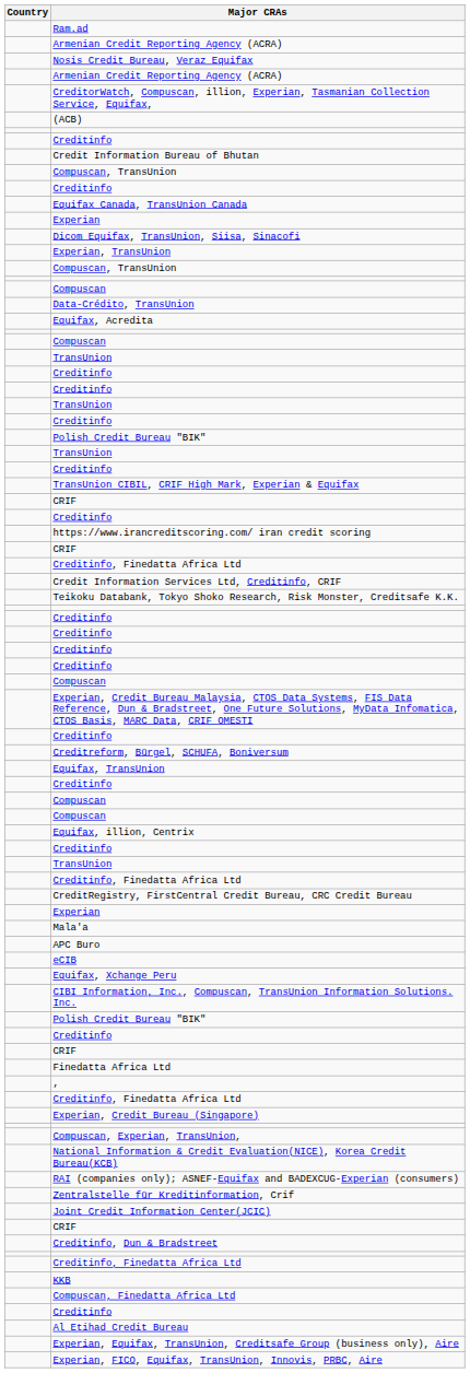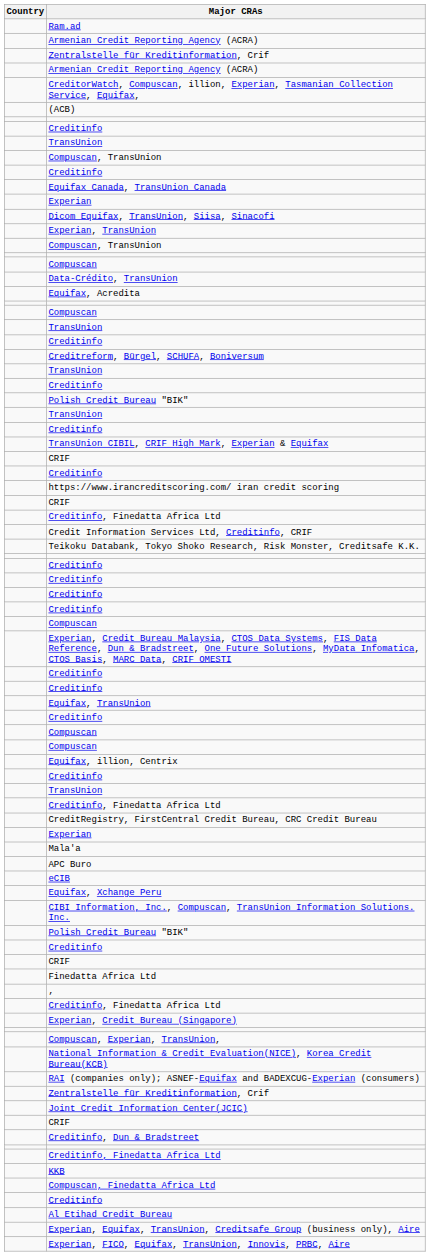 <table class="sortable wikitable">
 <tr>
 <th>Country</th>
 <th>Major CRAs</th>
 </tr>
 <tr Afghanistan>
 <td></td>
 <td><a href='#'>Ram.ad</a></td>
 </tr>
 <tr>
 <td></td>
 <td><a href='#'>Armenian Credit Reporting Agency</a> (ACRA)</td>
 </tr>
 <tr>
 <td></td>
-<td><a href='#'>Nosis Credit Bureau</a>, <a href='#'>Veraz Equifax</a></td>
+<td><a href='#'>Zentralstelle für Kreditinformation</a>, Crif</td>
 </tr>
 <tr>
 <td></td>
 <td><a href='#'>Armenian Credit Reporting Agency</a> (ACRA)</td>
 </tr>
 <tr>
 <td></td>
 <td><a href='#'>CreditorWatch</a>, <a href='#'>Compuscan</a>, illion, <a href='#'>Experian</a>, <a href='#'>Tasmanian Collection Service</a>, <a href='#'>Equifax</a>,</td>
 </tr>
 <tr>
 <td></td>
 <td> (ACB)</td>
 </tr>
 <tr>
 <td></td>
 <td></td>
 </tr>
 <tr>
 <td></td>
 <td><a href='#'>Creditinfo</a></td>
 </tr>
 <tr>
 <td></td>
-<td>Credit Information Bureau of Bhutan</td>
+<td><a href='#'>TransUnion</a></td>
 </tr>
 <tr>
 <td></td>
 <td><a href='#'>Compuscan</a>, TransUnion</td>
 </tr>
 <tr>
 <td></td>
 <td><a href='#'>Creditinfo</a></td>
 </tr>
 <tr>
 <td></td>
 <td><a href='#'>Equifax Canada</a>, <a href='#'>TransUnion Canada</a></td>
 </tr>
 <tr>
 <td></td>
 <td><a href='#'>Experian</a></td>
 </tr>
 <tr>
 <td></td>
 <td><a href='#'>Dicom Equifax</a>, <a href='#'>TransUnion</a>, <a href='#'>Siisa</a>, <a href='#'>Sinacofi</a></td>
 </tr>
 <tr>
 <td></td>
 <td><a href='#'>Experian</a>, <a href='#'>TransUnion</a></td>
 </tr>
 <tr>
 <td></td>
 <td><a href='#'>Compuscan</a>, TransUnion</td>
 </tr>
 <tr>
 <td></td>
 <td></td>
 </tr>
 <tr>
 <td></td>
 <td><a href='#'>Compuscan</a></td>
 </tr>
 <tr>
 <td></td>
 <td><a href='#'>Data-Crédito</a>, <a href='#'>TransUnion</a></td>
 </tr>
 <tr>
 <td></td>
 <td><a href='#'>Equifax</a>, Acredita</td>
 </tr>
 <tr>
 <td></td>
 <td></td>
 </tr>
 <tr>
 <td></td>
 <td><a href='#'>Compuscan</a></td>
 </tr>
 <tr>
 <td></td>
 <td><a href='#'>TransUnion</a></td>
 </tr>
 <tr>
 <td></td>
 <td><a href='#'>Creditinfo</a></td>
 </tr>
 <tr>
 <td></td>
-<td><a href='#'>Creditinfo</a></td>
+<td><a href='#'>Creditreform</a>, <a href='#'>Bürgel</a>, <a href='#'>SCHUFA</a>, <a href='#'>Boniversum</a></td>
 </tr>
 <tr>
 <td></td>
 <td><a href='#'>TransUnion</a></td>
 </tr>
 <tr>
 <td></td>
 <td><a href='#'>Creditinfo</a></td>
 </tr>
 <tr>
 <td></td>
 <td><a href='#'>Polish Credit Bureau</a> "BIK"</td>
 </tr>
 <tr>
 <td></td>
 <td><a href='#'>TransUnion</a></td>
 </tr>
 <tr>
 <td></td>
 <td><a href='#'>Creditinfo</a></td>
 </tr>
 <tr>
 <td></td>
 <td><a href='#'>TransUnion CIBIL</a>, <a href='#'>CRIF High Mark</a>, <a href='#'>Experian</a> & <a href='#'>Equifax</a></td>
 </tr>
 <tr>
 <td></td>
 <td>CRIF</td>
 </tr>
 <tr>
 <td></td>
 <td><a href='#'>Creditinfo</a></td>
 </tr>
 <tr>
 <td></td>
 <td Iran Credit Scoring>https://www.irancreditscoring.com/ iran credit scoring</td>
 </tr>
 <tr>
 <td></td>
 <td>CRIF</td>
 </tr>
 <tr>
 <td></td>
 <td><a href='#'>Creditinfo</a>, Finedatta Africa Ltd</td>
 </tr>
 <tr>
 <td></td>
 <td>Credit Information Services Ltd, <a href='#'>Creditinfo</a>, CRIF</td>
 </tr>
 <tr>
 <td></td>
 <td>Teikoku Databank, Tokyo Shoko Research, Risk Monster, Creditsafe K.K.</td>
 </tr>
 <tr>
 <td></td>
 <td></td>
 </tr>
 <tr>
 <td></td>
 <td><a href='#'>Creditinfo</a></td>
 </tr>
 <tr>
 <td></td>
 <td><a href='#'>Creditinfo</a></td>
 </tr>
 <tr>
 <td></td>
 <td><a href='#'>Creditinfo</a></td>
 </tr>
 <tr>
 <td></td>
 <td><a href='#'>Creditinfo</a></td>
 </tr>
 <tr>
 <td></td>
 <td><a href='#'>Compuscan</a></td>
 </tr>
 <tr>
 <td></td>
 <td><a href='#'>Experian</a>, <a href='#'>Credit Bureau Malaysia</a>, <a href='#'>CTOS Data Systems</a>, <a href='#'>FIS Data Reference</a>, <a href='#'>Dun & Bradstreet</a>, <a href='#'>One Future Solutions</a>, <a href='#'>MyData Infomatica</a>, <a href='#'>CTOS Basis</a>, <a href='#'>MARC Data</a>, <a href='#'>CRIF OMESTI</a></td>
 </tr>
 <tr>
 <td></td>
 <td><a href='#'>Creditinfo</a></td>
 </tr>
 <tr>
 <td></td>
-<td><a href='#'>Creditreform</a>, <a href='#'>Bürgel</a>, <a href='#'>SCHUFA</a>, <a href='#'>Boniversum</a></td>
+<td><a href='#'>Creditinfo</a></td>
 </tr>
 <tr>
 <td></td>
 <td><a href='#'>Equifax</a>, <a href='#'>TransUnion</a></td>
 </tr>
 <tr>
 <td></td>
 <td><a href='#'>Creditinfo</a></td>
 </tr>
 <tr>
 <td></td>
 <td><a href='#'>Compuscan</a></td>
 </tr>
 <tr>
 <td></td>
 <td><a href='#'>Compuscan</a></td>
 </tr>
 <tr>
 <td></td>
 <td><a href='#'>Equifax</a>, illion, Centrix</td>
 </tr>
 <tr>
 <td></td>
 <td><a href='#'>Creditinfo</a></td>
 </tr>
 <tr>
 <td></td>
 <td><a href='#'>TransUnion</a></td>
 </tr>
 <tr>
 <td></td>
 <td><a href='#'>Creditinfo</a>, Finedatta Africa Ltd</td>
 </tr>
 <tr>
 <td></td>
 <td>CreditRegistry, FirstCentral Credit Bureau, CRC Credit Bureau</td>
 </tr>
 <tr>
 <td></td>
 <td><a href='#'>Experian</a></td>
 </tr>
 <tr>
 <td></td>
 <td>Mala'a</td>
 </tr>
 <tr>
 <td></td>
 <td>APC Buro</td>
 </tr>
 <tr>
 <td></td>
 <td><a href='#'>eCIB</a></td>
 </tr>
 <tr>
 <td></td>
 <td><a href='#'>Equifax</a>, <a href='#'>Xchange Peru</a></td>
 </tr>
 <tr>
 <td></td>
 <td><a href='#'>CIBI Information, Inc.</a>, <a href='#'>Compuscan</a>, <a href='#'>TransUnion Information Solutions. Inc.</a></td>
 </tr>
 <tr>
 <td></td>
 <td><a href='#'>Polish Credit Bureau</a> "BIK"</td>
 </tr>
 <tr>
 <td></td>
 <td><a href='#'>Creditinfo</a></td>
 </tr>
 <tr>
 <td></td>
 <td>CRIF</td>
 </tr>
 <tr>
 <td></td>
 <td>Finedatta Africa Ltd</td>
 </tr>
 <tr>
 <td></td>
 <td>, </td>
 </tr>
 <tr>
 <td></td>
 <td><a href='#'>Creditinfo</a>, Finedatta Africa Ltd</td>
 </tr>
 <tr>
 <td></td>
 <td><a href='#'>Experian</a>, <a href='#'>Credit Bureau (Singapore)</a></td>
 </tr>
 <tr>
 <td></td>
 <td></td>
 </tr>
 <tr>
 <td></td>
 <td><a href='#'>Compuscan</a>, <a href='#'>Experian</a>, <a href='#'>TransUnion</a>, </td>
 </tr>
 <tr>
 <td></td>
 <td><a href='#'>National Information & Credit Evaluation(NICE)</a>, <a href='#'>Korea Credit Bureau(KCB)</a></td>
 </tr>
 <tr>
 <td></td>
 <td><a href='#'>RAI</a> (companies only); ASNEF-<a href='#'>Equifax</a> and BADEXCUG-<a href='#'>Experian</a> (consumers)</td>
 </tr>
 <tr>
 <td></td>
 <td><a href='#'>Zentralstelle für Kreditinformation</a>, Crif</td>
 </tr>
 <tr>
 <td></td>
 <td><a href='#'>Joint Credit Information Center(JCIC)</a></td>
 </tr>
 <tr>
 <td></td>
 <td>CRIF</td>
 </tr>
 <tr>
 <td></td>
 <td><a href='#'>Creditinfo</a>, <a href='#'>Dun & Bradstreet</a></td>
 </tr>
 <tr>
 <td></td>
 <td></td>
 </tr>
 <tr>
 <td></td>
 <td><a href='#'>Creditinfo, Finedatta Africa Ltd</a></td>
 </tr>
 <tr>
 <td></td>
 <td><a href='#'>KKB</a></td>
 </tr>
 <tr>
 <td></td>
 <td><a href='#'>Compuscan, Finedatta Africa Ltd</a></td>
 </tr>
 <tr>
 <td></td>
 <td><a href='#'>Creditinfo</a></td>
 </tr>
 <tr>
 <td></td>
 <td><a href='#'>Al Etihad Credit Bureau</a></td>
 </tr>
 <tr>
 <td></td>
 <td><a href='#'>Experian</a>, <a href='#'>Equifax</a>, <a href='#'>TransUnion</a>, <a href='#'>Creditsafe Group</a> (business only), <a href='#'>Aire</a></td>
 </tr>
 <tr>
 <td></td>
 <td><a href='#'>Experian</a>, <a href='#'>FICO</a>, <a href='#'>Equifax</a>, <a href='#'>TransUnion</a>, <a href='#'>Innovis</a>, <a href='#'>PRBC</a>, <a href='#'>Aire</a></td>
 </tr>
 </table>
